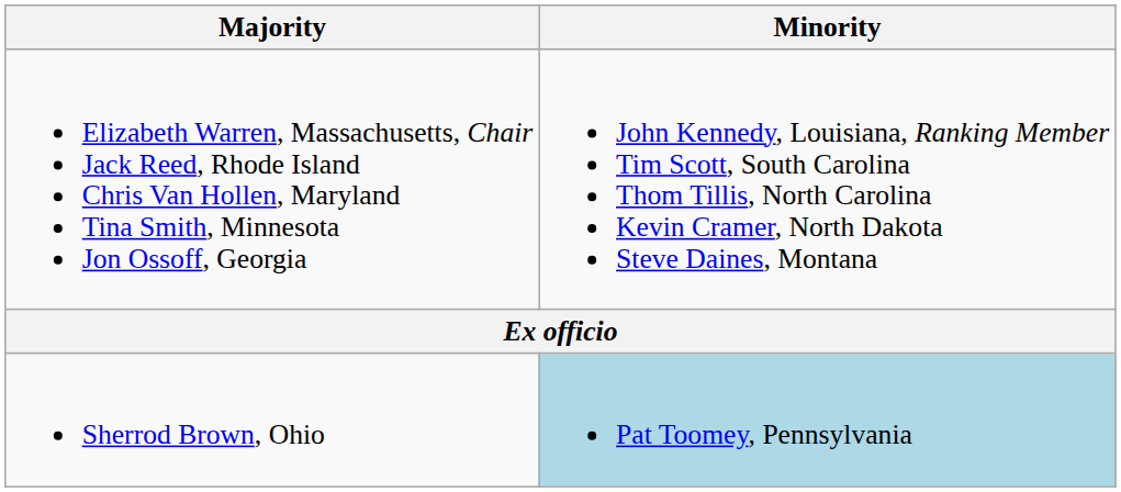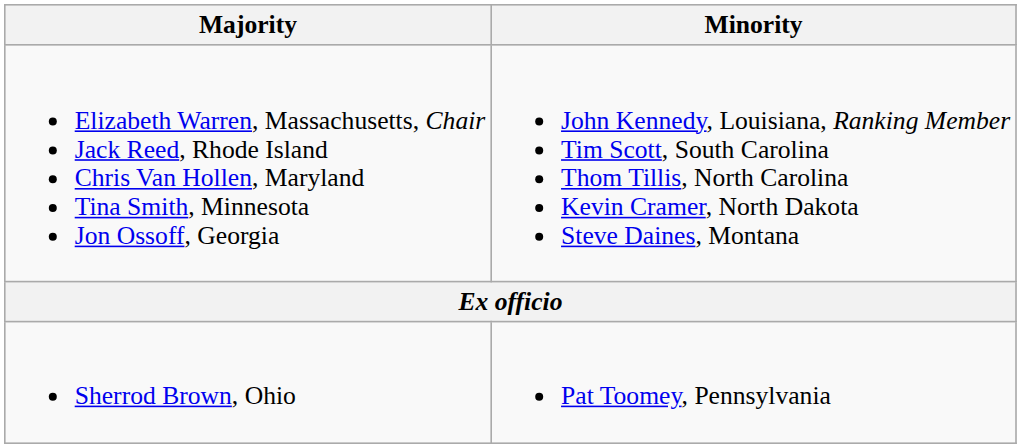 <table class="wikitable">
 <tr>
 <th>Majority</th>
 <th>Minority</th>
 </tr>
 <tr>
 <td><br><ul><li><a href='#'>Elizabeth Warren</a>, Massachusetts, <em>Chair</em></li><li><a href='#'>Jack Reed</a>, Rhode Island</li><li><a href='#'>Chris Van Hollen</a>, Maryland</li><li><a href='#'>Tina Smith</a>, Minnesota</li><li><a href='#'>Jon Ossoff</a>, Georgia</li></ul></td>
 <td><br><ul><li><a href='#'>John Kennedy</a>, Louisiana, <em>Ranking Member</em></li><li><a href='#'>Tim Scott</a>, South Carolina</li><li><a href='#'>Thom Tillis</a>, North Carolina</li><li><a href='#'>Kevin Cramer</a>, North Dakota</li><li><a href='#'>Steve Daines</a>, Montana</li></ul></td>
 </tr>
 <tr>
 <th colspan="2"><em>Ex officio</em></th>
 </tr>
 <tr>
 <td><br><ul><li><a href='#'>Sherrod Brown</a>, Ohio</li></ul></td>
-<td style="background: lightblue;"><br><ul><li><a href='#'>Pat Toomey</a>, Pennsylvania</li></ul></td>
+<td><br><ul><li><a href='#'>Pat Toomey</a>, Pennsylvania</li></ul></td>
 </tr>
 </table>
